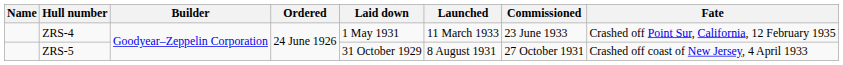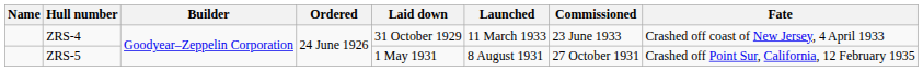 <table class="wikitable">
 <tr>
 <th>Name</th>
 <th>Hull number</th>
 <th>Builder</th>
 <th>Ordered</th>
 <th>Laid down</th>
 <th>Launched</th>
 <th>Commissioned</th>
 <th>Fate</th>
 </tr>
 <tr>
 <td></td>
 <td>ZRS-4</td>
 <td rowspan=2><a href='#'>Goodyear–Zeppelin Corporation</a></td>
 <td rowspan=2>24 June 1926</td>
-<td>1 May 1931</td>
+<td>31 October 1929</td>
 <td>11 March 1933</td>
 <td>23 June 1933</td>
-<td>Crashed off <a href='#'>Point Sur</a>, <a href='#'>California</a>, 12 February 1935</td>
+<td>Crashed off coast of <a href='#'>New Jersey</a>, 4 April 1933</td>
 </tr>
 <tr>
 <td></td>
 <td>ZRS-5</td>
-<td>31 October 1929</td>
+<td>1 May 1931</td>
 <td>8 August 1931</td>
 <td>27 October 1931</td>
-<td>Crashed off coast of <a href='#'>New Jersey</a>, 4 April 1933</td>
+<td>Crashed off <a href='#'>Point Sur</a>, <a href='#'>California</a>, 12 February 1935</td>
 </tr>
 </table>
